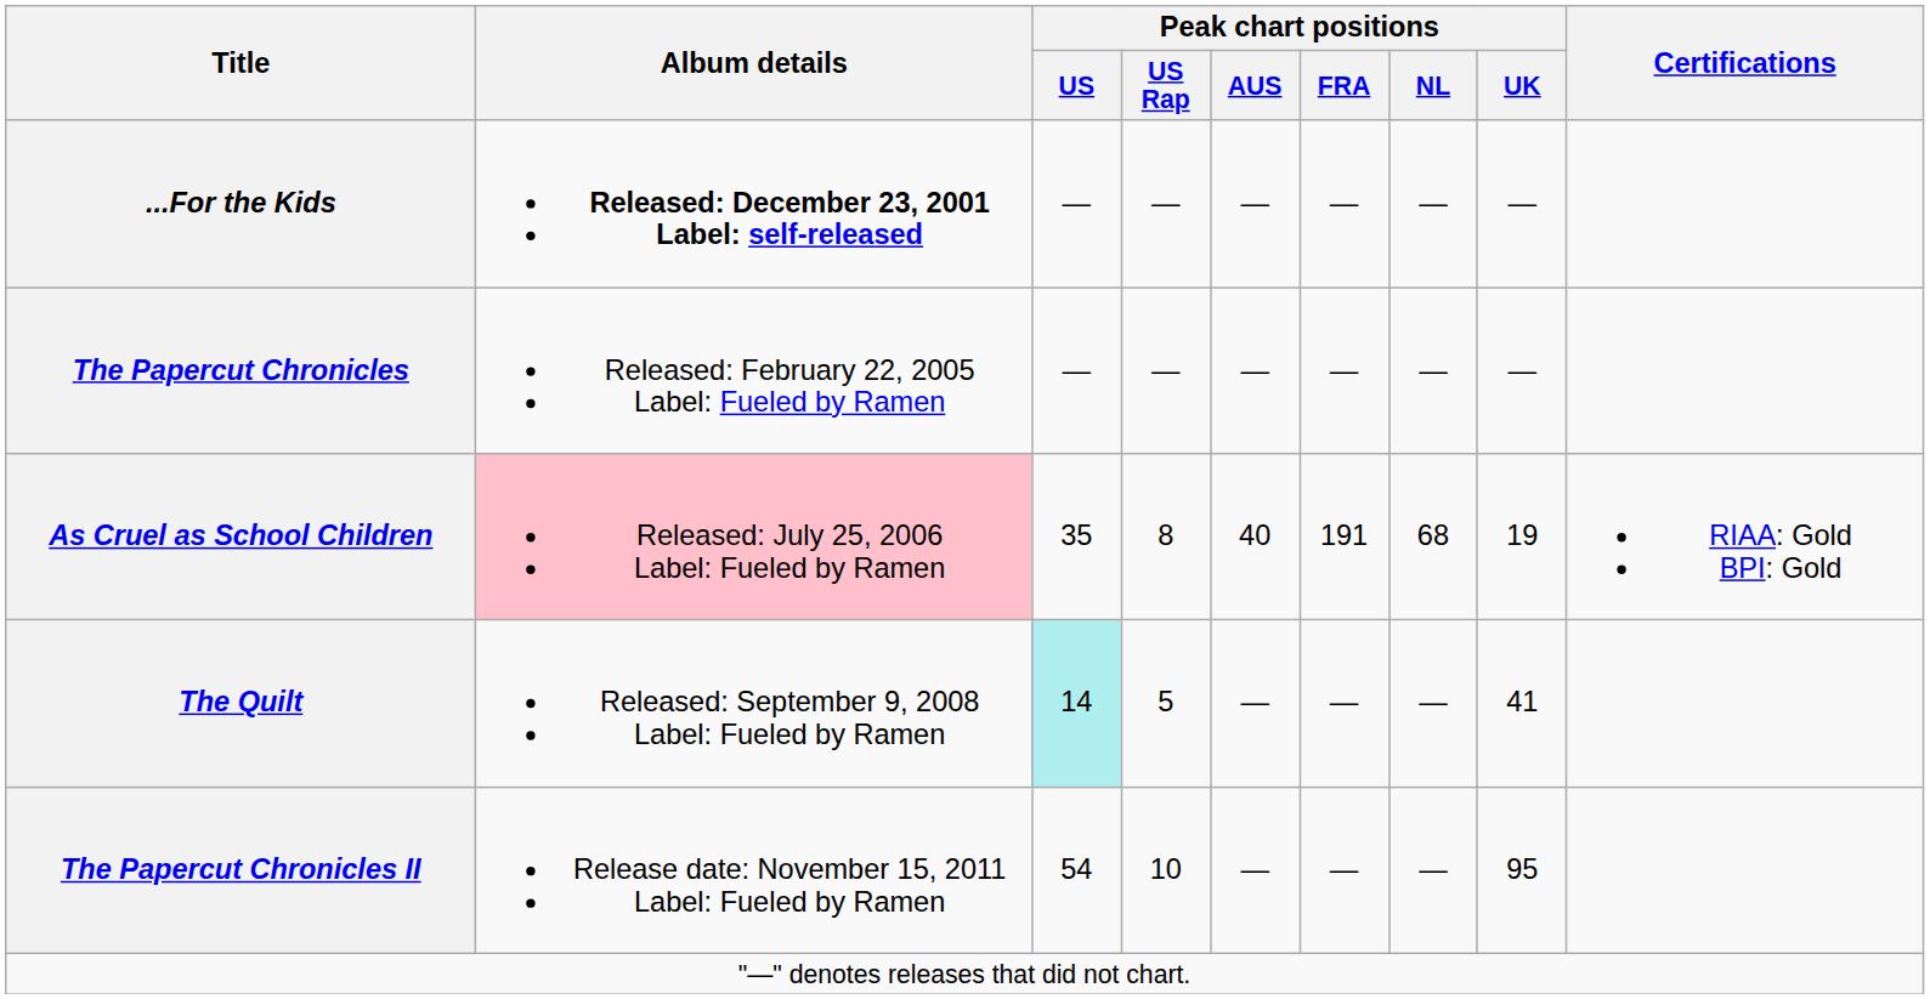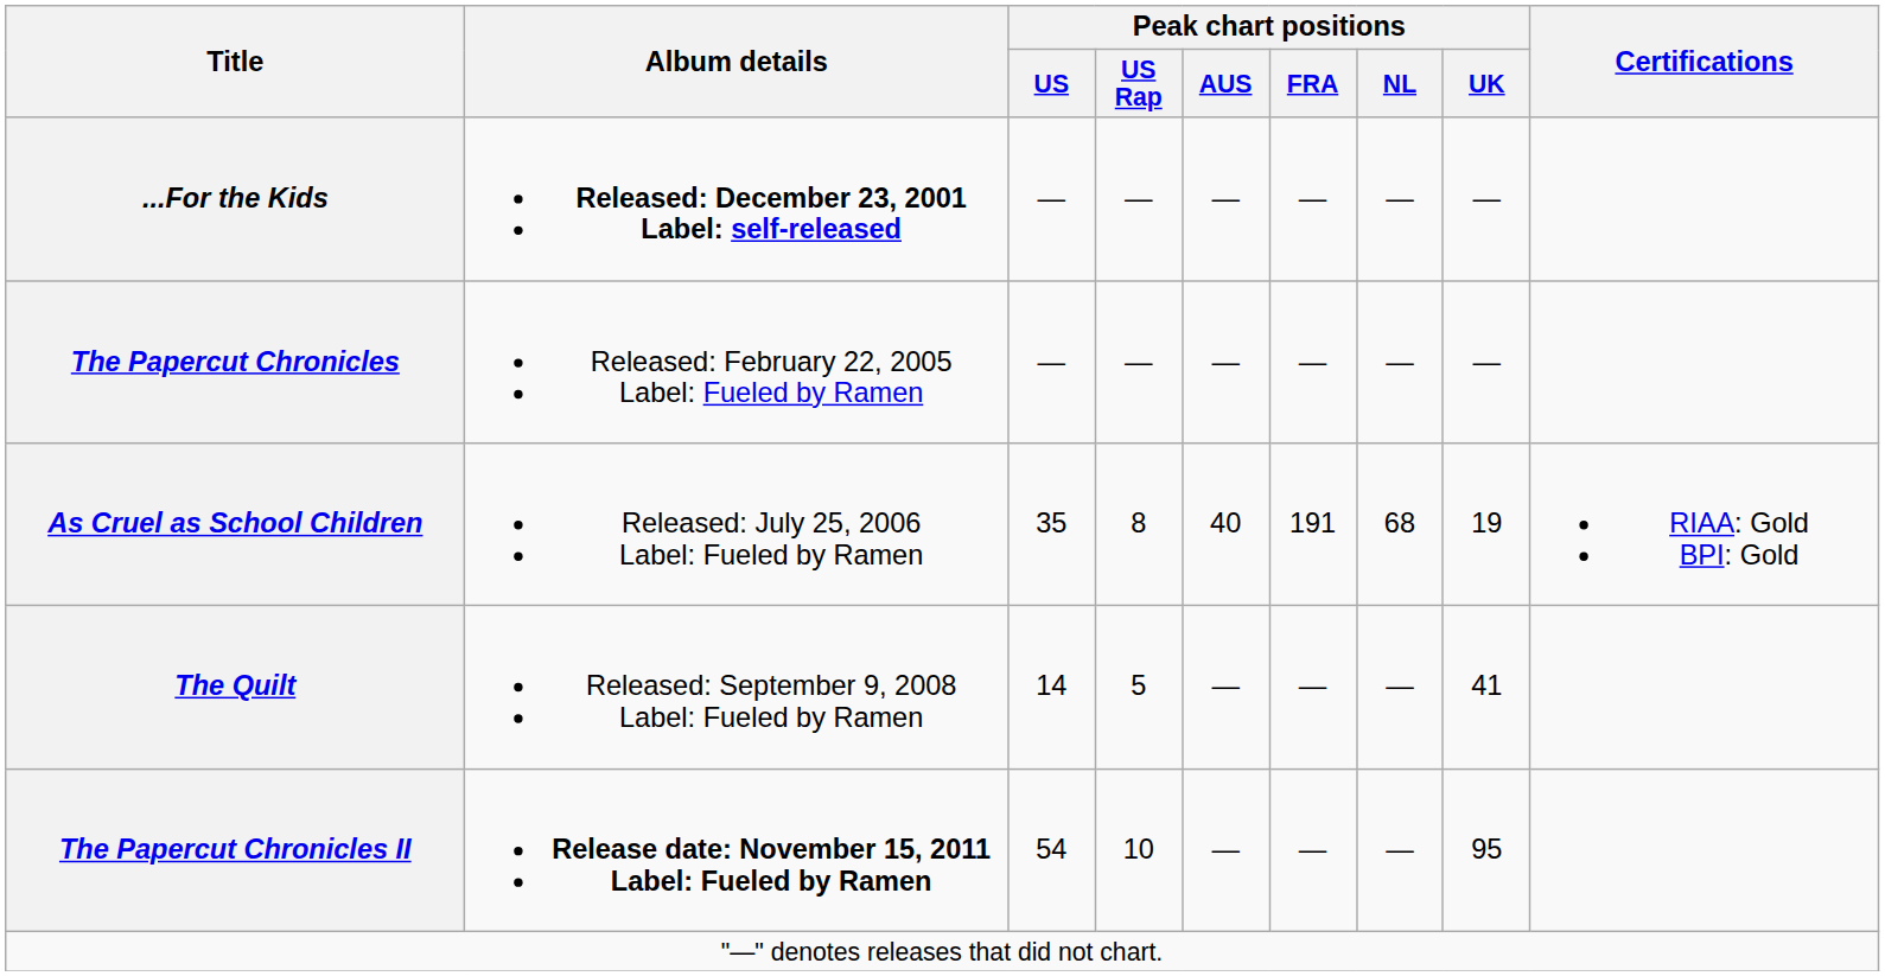 <table class="wikitable plainrowheaders" style="text-align:center;">
 <tr>
 <th scope="col" rowspan="2" style="width:16em;">Title</th>
 <th scope="col" rowspan="2" style="width:19em;">Album details</th>
 <th scope="col" colspan="6">Peak chart positions</th>
 <th scope="col" rowspan="2" style="width:12em;"><a href='#'>Certifications</a></th>
 </tr>
 <tr>
 <th scope="col" style="width:3em;font-size:90%;"><a href='#'>US</a><br></th>
 <th scope="col" style="width:3em;font-size:90%;"><a href='#'>US Rap</a><br></th>
 <th scope="col" style="width:3em;font-size:90%;"><a href='#'>AUS</a><br></th>
 <th scope="col" style="width:3em;font-size:90%;"><a href='#'>FRA</a><br></th>
 <th scope="col" style="width:3em;font-size:90%;"><a href='#'>NL</a><br></th>
 <th scope="col" style="width:3em;font-size:90%;"><a href='#'>UK</a><br></th>
 </tr>
 <tr>
 <th scope="row"><em>...For the Kids</em></th>
 <td><strong><br><ul><li>Released: December 23, 2001</li><li>Label: <a href='#'>self-released</a></li></ul></strong></td>
 <td>—</td>
 <td>—</td>
 <td>—</td>
 <td>—</td>
 <td>—</td>
 <td>—</td>
 <td></td>
 </tr>
 <tr>
 <th scope="row"><em><a href='#'>The Papercut Chronicles</a></em></th>
 <td><br><ul><li>Released: February 22, 2005</li><li>Label: <a href='#'>Fueled by Ramen</a></li></ul></td>
 <td>—</td>
 <td>—</td>
 <td>—</td>
 <td>—</td>
 <td>—</td>
 <td>—</td>
 <td></td>
 </tr>
 <tr>
 <th scope="row"><em><a href='#'>As Cruel as School Children</a></em></th>
-<td style="background: pink;"><br><ul><li>Released: July 25, 2006</li><li>Label: Fueled by Ramen</li></ul></td>
+<td><br><ul><li>Released: July 25, 2006</li><li>Label: Fueled by Ramen</li></ul></td>
 <td>35</td>
 <td>8</td>
 <td>40</td>
 <td>191</td>
 <td>68</td>
 <td>19</td>
 <td><br><ul><li><a href='#'>RIAA</a>: Gold</li><li><a href='#'>BPI</a>: Gold</li></ul></td>
 </tr>
 <tr>
 <th scope="row"><em><a href='#'>The Quilt</a></em></th>
 <td><br><ul><li>Released: September 9, 2008</li><li>Label: Fueled by Ramen</li></ul></td>
-<td style="background: paleturquoise;">14</td>
+<td>14</td>
 <td>5</td>
 <td>—</td>
 <td>—</td>
 <td>—</td>
 <td>41</td>
 <td></td>
 </tr>
 <tr>
 <th scope="row"><em><a href='#'>The Papercut Chronicles II</a></em></th>
-<td><br><ul><li>Release date: November 15, 2011</li><li>Label: Fueled by Ramen</li></ul></td>
+<td><strong><br><ul><li>Release date: November 15, 2011</li><li>Label: Fueled by Ramen</li></ul></strong></td>
 <td>54</td>
 <td>10</td>
 <td>—</td>
 <td>—</td>
 <td>—</td>
 <td>95</td>
 <td></td>
 </tr>
 <tr>
 <td colspan="10" style="font-size:90%;">"—" denotes releases that did not chart.</td>
 </tr>
 </table>
